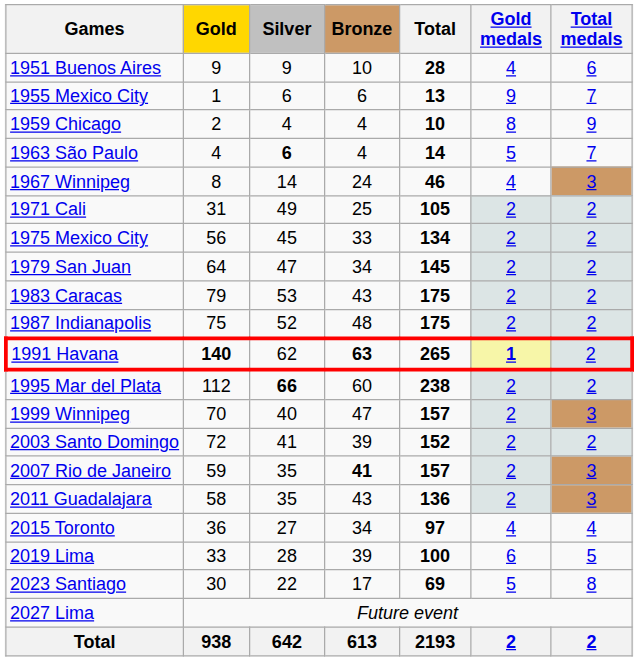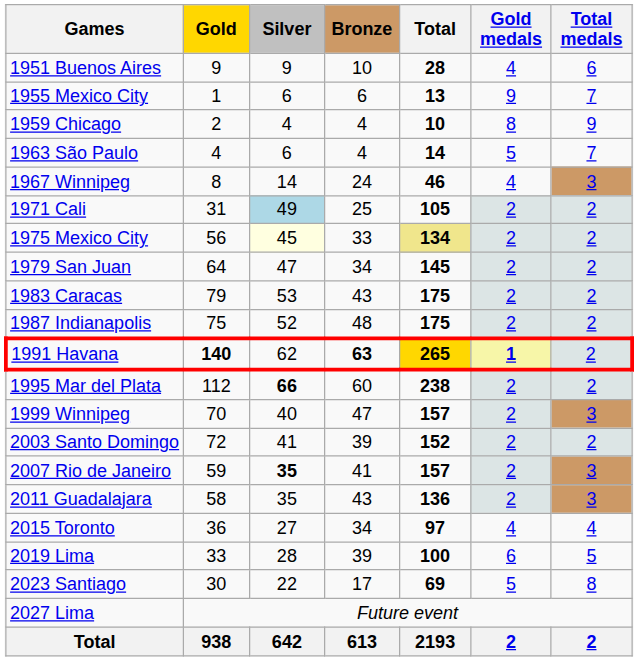 <table class="wikitable" style="text-align:center; font-size:90%;">
 <tr>
 <th>Games</th>
 <td style="background:gold; width:3.2em; font-weight:bold;">Gold</td>
 <td style="background:silver; width:3.7em; font-weight:bold;">Silver</td>
 <td style="background:#c96; width:3.7em; font-weight:bold;">Bronze</td>
 <th style="width:3.5em; font-weight:bold;">Total</th>
 <th style="width:4em; font-weight:bold;"><a href='#'>Gold medals</a></th>
 <th style="width:4em; font-weight:bold;"><a href='#'>Total medals</a></th>
 </tr>
 <tr>
 <td align=left> <a href='#'>1951 Buenos Aires</a></td>
 <td>9</td>
 <td>9</td>
 <td>10</td>
 <td><strong>28</strong></td>
 <td><a href='#'>4</a></td>
 <td><a href='#'>6</a></td>
 </tr>
 <tr>
 <td align=left> <a href='#'>1955 Mexico City</a></td>
 <td>1</td>
 <td>6</td>
 <td>6</td>
 <td><strong>13</strong></td>
 <td><a href='#'>9</a></td>
 <td><a href='#'>7</a></td>
 </tr>
 <tr>
 <td align=left> <a href='#'>1959 Chicago</a></td>
 <td>2</td>
 <td>4</td>
 <td>4</td>
 <td><strong>10</strong></td>
 <td><a href='#'>8</a></td>
 <td><a href='#'>9</a></td>
 </tr>
 <tr>
 <td align=left> <a href='#'>1963 São Paulo</a></td>
 <td>4</td>
-<td><strong>6</strong></td>
+<td>6</td>
 <td>4</td>
 <td><strong>14</strong></td>
 <td><a href='#'>5</a></td>
 <td><a href='#'>7</a></td>
 </tr>
 <tr>
 <td align=left> <a href='#'>1967 Winnipeg</a></td>
 <td>8</td>
 <td>14</td>
 <td>24</td>
 <td><strong>46</strong></td>
 <td><a href='#'>4</a></td>
 <td style="background:#cc9966;"><a href='#'>3</a></td>
 </tr>
 <tr>
 <td align=left> <a href='#'>1971 Cali</a></td>
 <td>31</td>
-<td>49</td>
+<td style="background: lightblue;">49</td>
 <td>25</td>
 <td><strong>105</strong></td>
 <td style="background:#dce5e5;"><a href='#'>2</a></td>
 <td style="background:#dce5e5;"><a href='#'>2</a></td>
 </tr>
 <tr>
 <td align=left> <a href='#'>1975 Mexico City</a></td>
 <td>56</td>
-<td>45</td>
+<td style="background: lightyellow;">45</td>
 <td>33</td>
-<td><strong>134</strong></td>
+<td style="background: khaki;"><strong>134</strong></td>
 <td style="background:#dce5e5;"><a href='#'>2</a></td>
 <td style="background:#dce5e5;"><a href='#'>2</a></td>
 </tr>
 <tr>
 <td align=left> <a href='#'>1979 San Juan</a></td>
 <td>64</td>
 <td>47</td>
 <td>34</td>
 <td><strong>145</strong></td>
 <td style="background:#dce5e5;"><a href='#'>2</a></td>
 <td style="background:#dce5e5;"><a href='#'>2</a></td>
 </tr>
 <tr>
 <td align=left> <a href='#'>1983 Caracas</a></td>
 <td>79</td>
 <td>53</td>
 <td>43</td>
 <td><strong>175</strong></td>
 <td style="background:#dce5e5;"><a href='#'>2</a></td>
 <td style="background:#dce5e5;"><a href='#'>2</a></td>
 </tr>
 <tr>
 <td align=left> <a href='#'>1987 Indianapolis</a></td>
 <td>75</td>
 <td>52</td>
 <td>48</td>
 <td><strong>175</strong></td>
 <td style="background:#dce5e5;"><a href='#'>2</a></td>
 <td style="background:#dce5e5;"><a href='#'>2</a></td>
 </tr>
 <tr style="border: 3px solid red">
 <td align=left> <a href='#'>1991 Havana</a></td>
 <td><strong>140</strong></td>
 <td>62</td>
 <td><strong>63</strong></td>
-<td><strong>265</strong></td>
+<td style="background: gold;"><strong>265</strong></td>
 <td style="background:#f7f6a8;"><strong><a href='#'>1</a></strong></td>
 <td style="background:#dce5e5;"><a href='#'>2</a></td>
 </tr>
 <tr>
 <td align=left> <a href='#'>1995 Mar del Plata</a></td>
 <td>112</td>
 <td><strong>66</strong></td>
 <td>60</td>
 <td><strong>238</strong></td>
 <td style="background:#dce5e5;"><a href='#'>2</a></td>
 <td style="background:#dce5e5;"><a href='#'>2</a></td>
 </tr>
 <tr>
 <td align=left> <a href='#'>1999 Winnipeg</a></td>
 <td>70</td>
 <td>40</td>
 <td>47</td>
 <td><strong>157</strong></td>
 <td style="background:#dce5e5;"><a href='#'>2</a></td>
 <td style="background:#cc9966;"><a href='#'>3</a></td>
 </tr>
 <tr>
 <td align=left> <a href='#'>2003 Santo Domingo</a></td>
 <td>72</td>
 <td>41</td>
 <td>39</td>
 <td><strong>152</strong></td>
 <td style="background:#dce5e5;"><a href='#'>2</a></td>
 <td style="background:#dce5e5;"><a href='#'>2</a></td>
 </tr>
 <tr>
 <td align=left> <a href='#'>2007 Rio de Janeiro</a></td>
 <td>59</td>
-<td>35</td>
-<td><strong>41</strong></td>
+<td><strong>35</strong></td>
+<td>41</td>
 <td><strong>157</strong></td>
 <td style="background:#dce5e5;"><a href='#'>2</a></td>
 <td style="background:#cc9966;"><a href='#'>3</a></td>
 </tr>
 <tr>
 <td align=left> <a href='#'>2011 Guadalajara</a></td>
 <td>58</td>
 <td>35</td>
 <td>43</td>
 <td><strong>136</strong></td>
 <td style="background:#dce5e5;"><a href='#'>2</a></td>
 <td style="background:#cc9966;"><a href='#'>3</a></td>
 </tr>
 <tr>
 <td align=left> <a href='#'>2015 Toronto</a></td>
 <td>36</td>
 <td>27</td>
 <td>34</td>
 <td><strong>97</strong></td>
 <td><a href='#'>4</a></td>
 <td><a href='#'>4</a></td>
 </tr>
 <tr>
 <td align=left> <a href='#'>2019 Lima</a></td>
 <td>33</td>
 <td>28</td>
 <td>39</td>
 <td><strong>100</strong></td>
 <td><a href='#'>6</a></td>
 <td><a href='#'>5</a></td>
 </tr>
 <tr>
 <td align=left> <a href='#'>2023 Santiago</a></td>
 <td>30</td>
 <td>22</td>
 <td>17</td>
 <td><strong>69</strong></td>
 <td><a href='#'>5</a></td>
 <td><a href='#'>8</a></td>
 </tr>
 <tr>
 <td align=left> <a href='#'>2027 Lima</a></td>
 <td colspan="6"><em>Future event</em></td>
 </tr>
 <tr>
 <th>Total</th>
 <th>938</th>
 <th>642</th>
 <th>613</th>
 <th>2193</th>
 <th><a href='#'>2</a></th>
 <th><a href='#'>2</a></th>
 </tr>
 </table>
